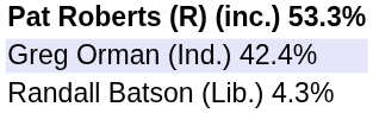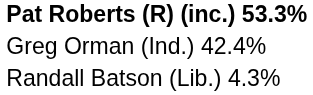 <table>
 <tr>
 <td><strong>Pat Roberts (R) (inc.) 53.3%</strong></td>
 </tr>
 <tr>
-<td style="background: lavender;">Greg Orman (Ind.) 42.4%</td>
+<td>Greg Orman (Ind.) 42.4%</td>
 </tr>
 <tr>
 <td>Randall Batson (Lib.) 4.3%</td>
 </tr>
 </table>
